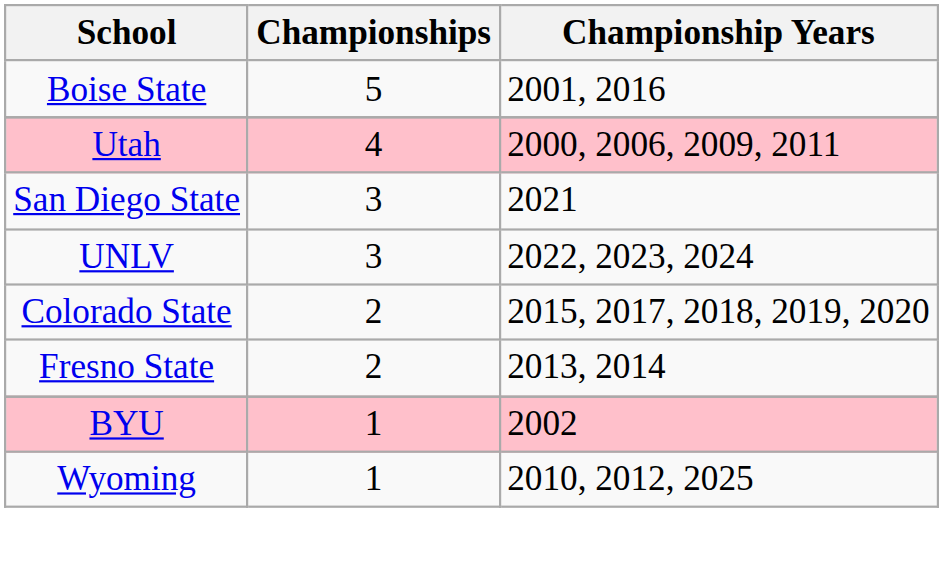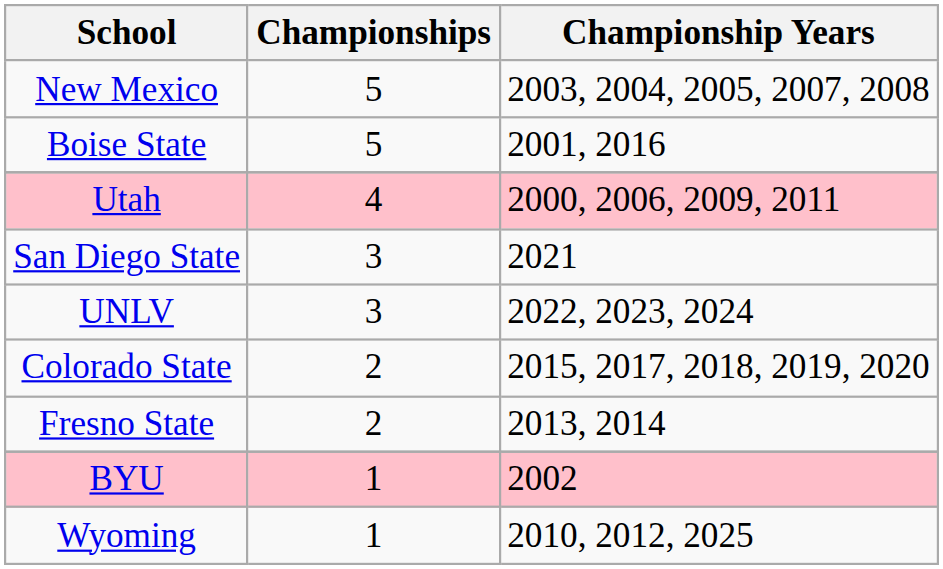 <table class="wikitable sortable" style="text-align:center">
 <tr>
 <th width=px>School</th>
 <th width=px>Championships</th>
 <th width=px>Championship Years</th>
+</tr>
+<tr>
+<td><a href='#'>New Mexico</a></td>
+<td>5</td>
+<td align=left>2003, 2004, 2005, 2007, 2008</td>
 </tr>
 <tr>
 <td><a href='#'>Boise State</a></td>
 <td>5</td>
 <td align=left>2001, 2016</td>
 </tr>
 <tr>
 </tr>
 <tr bgcolor=pink>
 <td><a href='#'>Utah</a></td>
 <td>4</td>
 <td align=left>2000, 2006, 2009, 2011</td>
 </tr>
 <tr>
 <td><a href='#'>San Diego State</a></td>
 <td>3</td>
 <td align=left>2021</td>
 </tr>
 <tr>
 <td><a href='#'>UNLV</a></td>
 <td>3</td>
 <td align=left>2022, 2023, 2024</td>
 </tr>
 <tr>
 <td><a href='#'>Colorado State</a></td>
 <td>2</td>
 <td align=left>2015, 2017, 2018, 2019, 2020</td>
 </tr>
 <tr>
 <td><a href='#'>Fresno State</a></td>
 <td>2</td>
 <td align=left>2013, 2014</td>
 </tr>
 <tr>
 </tr>
 <tr bgcolor=pink>
 <td><a href='#'>BYU</a></td>
 <td>1</td>
 <td align=left>2002</td>
 </tr>
 <tr>
 <td><a href='#'>Wyoming</a></td>
 <td>1</td>
 <td align=left>2010, 2012, 2025</td>
 </tr>
 </table>
